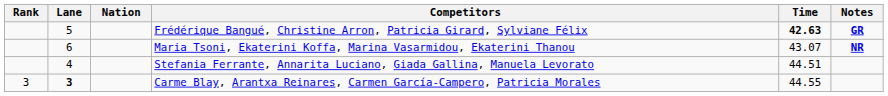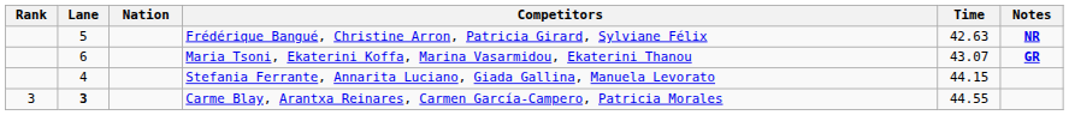 <table class="wikitable sortable" width=80% style="text-align:center; font-size:95%">
 <tr>
 <th>Rank</th>
 <th>Lane</th>
 <th>Nation</th>
 <th>Competitors</th>
 <th>Time</th>
 <th>Notes</th>
 </tr>
 <tr>
 <td></td>
 <td>5</td>
 <td align=left></td>
 <td align=left><a href='#'>Frédérique Bangué</a>, <a href='#'>Christine Arron</a>, <a href='#'>Patricia Girard</a>, <a href='#'>Sylviane Félix</a></td>
-<td><strong>42.63</strong></td>
-<td><strong><a href='#'>GR</a></strong></td>
+<td>42.63</td>
+<td><strong><a href='#'>NR</a></strong></td>
 </tr>
 <tr>
 <td></td>
 <td>6</td>
 <td align=left></td>
 <td align=left><a href='#'>Maria Tsoni</a>, <a href='#'>Ekaterini Koffa</a>, <a href='#'>Marina Vasarmidou</a>, <a href='#'>Ekaterini Thanou</a></td>
 <td>43.07</td>
-<td><strong><a href='#'>NR</a></strong></td>
+<td><strong><a href='#'>GR</a></strong></td>
 </tr>
 <tr>
 <td></td>
 <td>4</td>
 <td align=left></td>
 <td align=left><a href='#'>Stefania Ferrante</a>, <a href='#'>Annarita Luciano</a>, <a href='#'>Giada Gallina</a>, <a href='#'>Manuela Levorato</a></td>
-<td>44.51</td>
+<td>44.15</td>
 <td></td>
 </tr>
 <tr>
 <td>3</td>
 <td><strong>3</strong></td>
 <td align=left></td>
 <td align=left><a href='#'>Carme Blay</a>, <a href='#'>Arantxa Reinares</a>, <a href='#'>Carmen García-Campero</a>, <a href='#'>Patricia Morales</a></td>
 <td>44.55</td>
 <td></td>
 </tr>
 </table>
